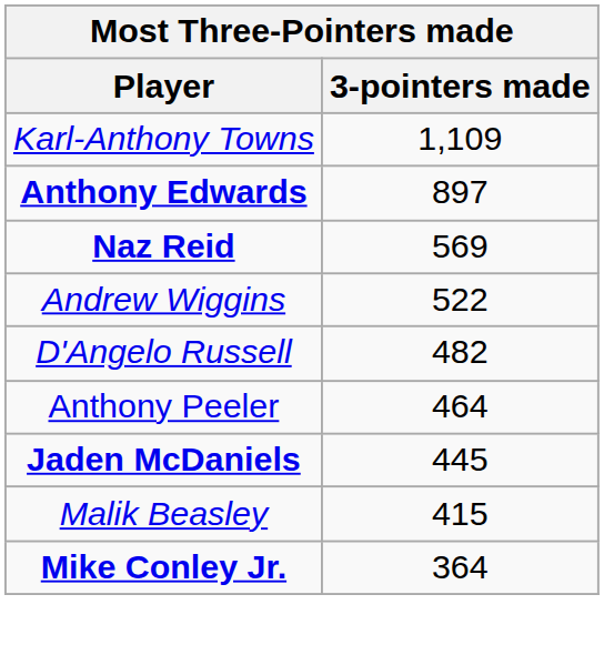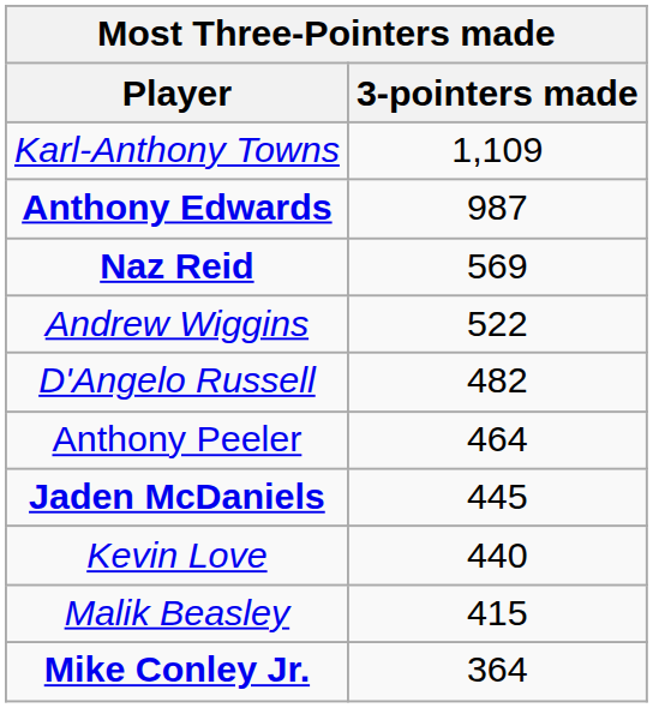 <table class="wikitable sortable" style="text-align:center">
 <tr>
 <th colspan="2" style="text-align:center; ">Most Three-Pointers made</th>
 </tr>
 <tr>
 <th style="text-align:center; ">Player</th>
 <th style="text-align:center; ">3-pointers made</th>
 </tr>
 <tr>
 <td><em><a href='#'>Karl-Anthony Towns</a></em></td>
 <td>1,109</td>
 </tr>
 <tr>
 <td><strong><a href='#'>Anthony Edwards</a></strong></td>
-<td>897</td>
+<td>987</td>
 </tr>
 <tr>
 <td><strong><a href='#'>Naz Reid</a></strong></td>
 <td>569</td>
 </tr>
 <tr>
 <td><em><a href='#'>Andrew Wiggins</a></em></td>
 <td>522</td>
 </tr>
 <tr>
 <td><em><a href='#'>D'Angelo Russell</a></em></td>
 <td>482</td>
 </tr>
 <tr>
 <td><a href='#'>Anthony Peeler</a></td>
 <td>464</td>
 </tr>
 <tr>
 <td><strong><a href='#'>Jaden McDaniels</a></strong></td>
 <td>445</td>
 </tr>
 <tr>
+<td><em><a href='#'>Kevin Love</a></em></td>
+<td>440</td>
+</tr>
+<tr>
 <td><em><a href='#'>Malik Beasley</a></em></td>
 <td>415</td>
 </tr>
 <tr>
 <td><strong><a href='#'>Mike Conley Jr.</a></strong></td>
 <td>364</td>
 </tr>
 </table>
